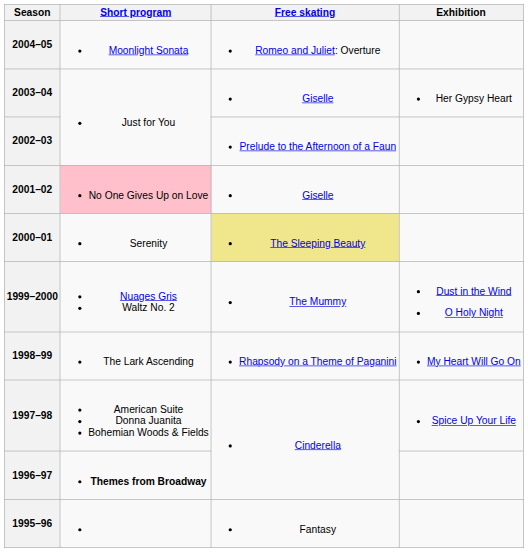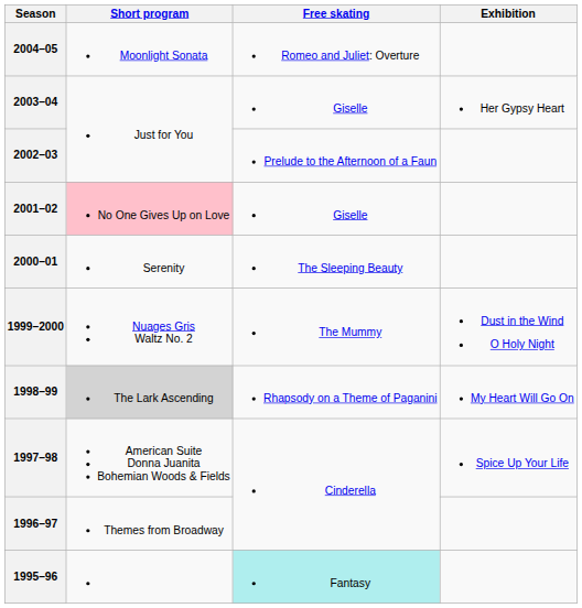 <table class="wikitable" style="text-align:center">
 <tr>
 <th>Season</th>
 <th><a href='#'>Short program</a></th>
 <th><a href='#'>Free skating</a></th>
 <th>Exhibition</th>
 </tr>
 <tr>
 <th>2004–05 <br> </th>
 <td><br><ul><li><a href='#'>Moonlight Sonata</a> <br></li></ul></td>
 <td><br><ul><li><a href='#'>Romeo and Juliet</a>: Overture <br></li></ul></td>
 <td></td>
 </tr>
 <tr>
 <th>2003–04 <br> </th>
 <td rowspan=2><br><ul><li>Just for You <br></li></ul></td>
 <td><br><ul><li><a href='#'>Giselle</a> <br></li></ul></td>
 <td><br><ul><li>Her Gypsy Heart</li></ul></td>
 </tr>
 <tr>
 <th>2002–03 <br> </th>
 <td><br><ul><li><a href='#'>Prelude to the Afternoon of a Faun</a> <br></li></ul></td>
 <td></td>
 </tr>
 <tr>
 <th>2001–02 <br> </th>
 <td style="background: pink;"><br><ul><li>No One Gives Up on Love <br></li></ul></td>
 <td><br><ul><li><a href='#'>Giselle</a> <br></li></ul></td>
 <td></td>
 </tr>
 <tr>
 <th>2000–01 <br> </th>
 <td><br><ul><li>Serenity <br></li></ul></td>
-<td style="background: khaki;"><br><ul><li><a href='#'>The Sleeping Beauty</a> <br></li></ul></td>
+<td><br><ul><li><a href='#'>The Sleeping Beauty</a> <br></li></ul></td>
 <td></td>
 </tr>
 <tr>
 <th>1999–2000 <br> </th>
 <td><br><ul><li><a href='#'>Nuages Gris</a> <br></li><li>Waltz No. 2 <br></li></ul></td>
 <td><br><ul><li><a href='#'>The Mummy</a> <br></li></ul></td>
 <td><br><ul><li><a href='#'>Dust in the Wind</a> <br></li></ul><ul><li><a href='#'>O Holy Night</a> <br></li></ul></td>
 </tr>
 <tr>
 <th>1998–99 <br> </th>
-<td><br><ul><li>The Lark Ascending <br></li></ul></td>
+<td style="background: lightgrey;"><br><ul><li>The Lark Ascending <br></li></ul></td>
 <td><br><ul><li><a href='#'>Rhapsody on a Theme of Paganini</a> <br></li></ul></td>
 <td><br><ul><li><a href='#'>My Heart Will Go On</a> <br></li></ul></td>
 </tr>
 <tr>
 <th>1997–98 <br> </th>
 <td><br><ul><li>American Suite <br></li><li>Donna Juanita <br></li><li>Bohemian Woods & Fields <br></li></ul></td>
 <td rowspan=2><br><ul><li><a href='#'>Cinderella</a> <br></li></ul></td>
 <td><br><ul><li><a href='#'>Spice Up Your Life</a> <br></li></ul></td>
 </tr>
 <tr>
 <th>1996–97 <br> </th>
-<td><strong><br><ul><li>Themes from Broadway <br></li></ul></strong></td>
+<td><br><ul><li>Themes from Broadway <br></li></ul></td>
 <td></td>
 </tr>
 <tr>
 <th>1995–96 <br> </th>
 <td><br><ul><li></li></ul></td>
-<td><br><ul><li>Fantasy <br></li></ul></td>
+<td style="background: paleturquoise;"><br><ul><li>Fantasy <br></li></ul></td>
 <td></td>
 </tr>
 </table>
